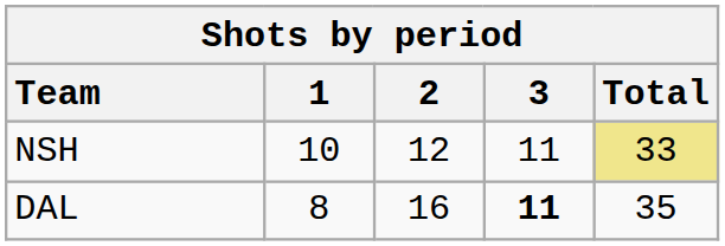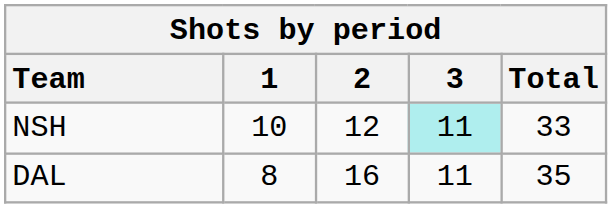 <table class="wikitable" style="width:20em; text-align:right;">
 <tr>
 <th colspan=6>Shots by period</th>
 </tr>
 <tr>
 <th style="width:8em; text-align:left;">Team</th>
 <th style="width:3em;">1</th>
 <th style="width:3em;">2</th>
 <th style="width:3em;">3</th>
 <th style="width:3em;">Total</th>
 </tr>
 <tr>
 <td style="text-align:left;">NSH</td>
 <td align=center>10</td>
 <td align=center>12</td>
-<td align=center>11</td>
-<td align=center style="background: khaki;">33</td>
+<td align=center style="background: paleturquoise;">11</td>
+<td align=center>33</td>
 </tr>
 <tr>
 <td style="text-align:left;">DAL</td>
 <td align=center>8</td>
 <td align=center>16</td>
-<td align=center><strong>11</strong></td>
+<td align=center>11</td>
 <td align=center>35</td>
 </tr>
 </table>
